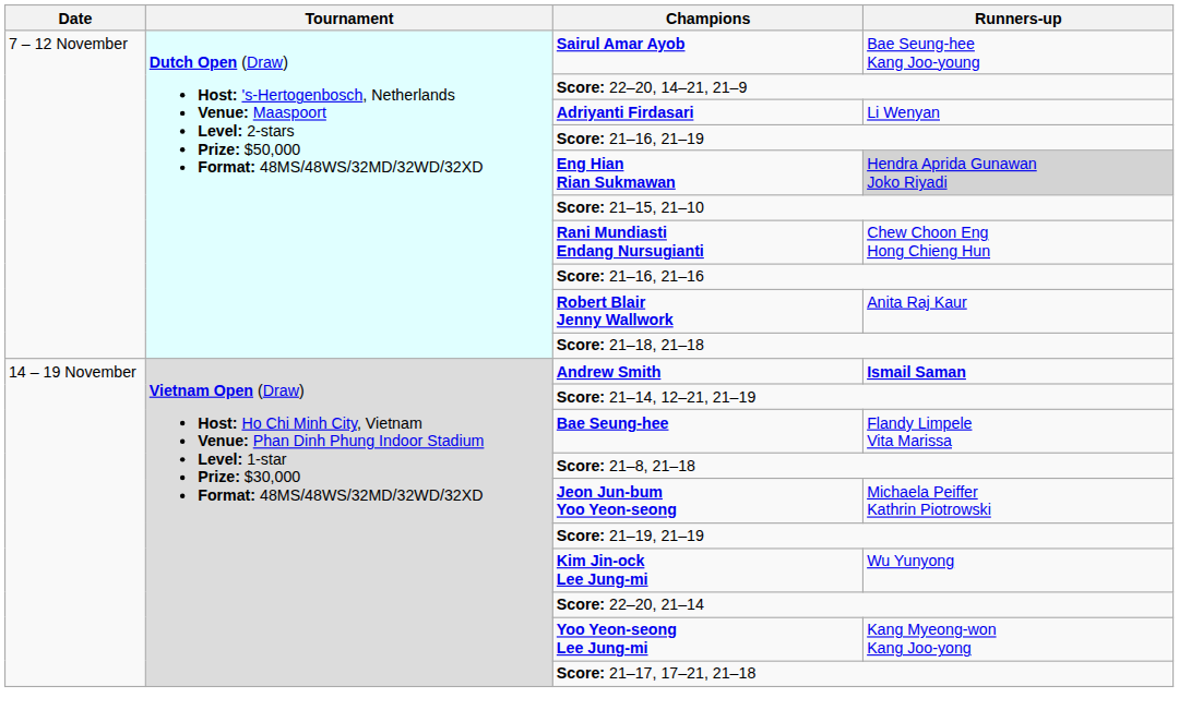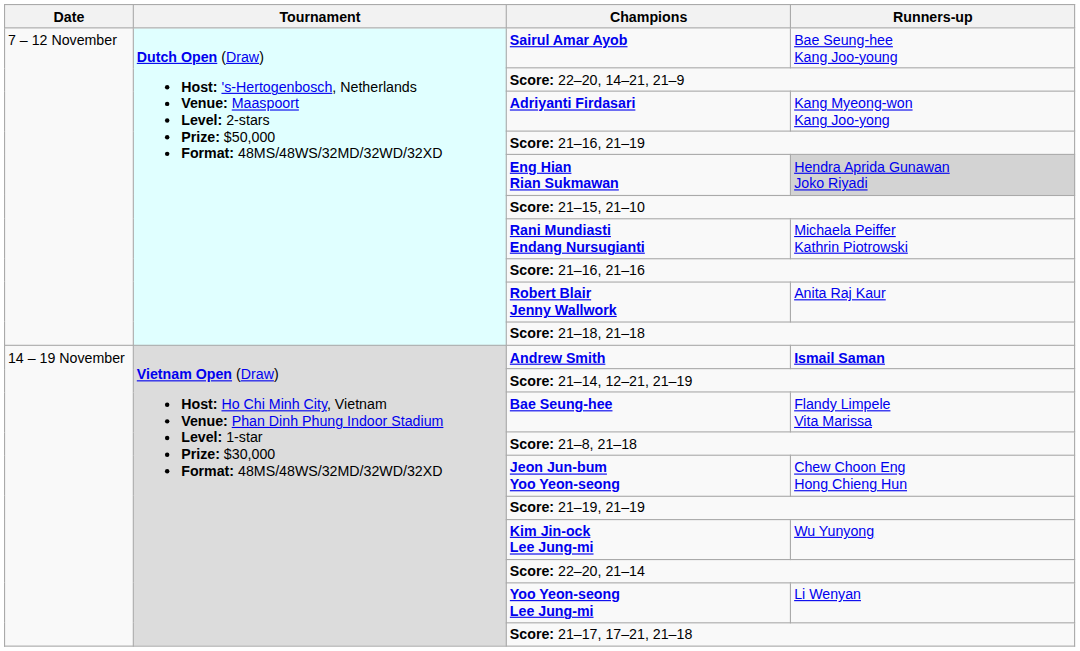 <table class="wikitable" style="font-size:80%">
 <tr>
 <th width="110">Date</th>
 <th width="330">Tournament</th>
 <th width="250">Champions</th>
 <th width="250">Runners-up</th>
 </tr>
 <tr valign=top>
 <td rowspan="10">7 – 12 November</td>
 <td bgcolor="#E0FFFF" rowspan="10"><br><strong><a href='#'>Dutch Open</a></strong> (<a href='#'>Draw</a>)<ul><li><strong>Host:</strong> <a href='#'>'s-Hertogenbosch</a>, Netherlands</li><li><strong>Venue:</strong> <a href='#'>Maaspoort</a></li><li><strong>Level:</strong> 2-stars</li><li><strong>Prize:</strong> $50,000</li><li><strong>Format:</strong> 48MS/48WS/32MD/32WD/32XD</li></ul></td>
 <td><strong> <a href='#'>Sairul Amar Ayob</a></strong></td>
 <td> <a href='#'>Bae Seung-hee</a><br> <a href='#'>Kang Joo-young</a></td>
 </tr>
 <tr>
 <td colspan="2"><strong>Score:</strong> 22–20, 14–21, 21–9</td>
 </tr>
 <tr valign="top">
 <td><strong> <a href='#'>Adriyanti Firdasari</a></strong></td>
-<td> <a href='#'>Li Wenyan</a></td>
+<td> <a href='#'>Kang Myeong-won</a><br> <a href='#'>Kang Joo-yong</a></td>
 </tr>
 <tr>
 <td colspan="2"><strong>Score:</strong> 21–16, 21–19</td>
 </tr>
 <tr valign="top">
 <td><strong> <a href='#'>Eng Hian</a><br> <a href='#'>Rian Sukmawan</a></strong></td>
 <td style="background: lightgrey;"> <a href='#'>Hendra Aprida Gunawan</a><br> <a href='#'>Joko Riyadi</a></td>
 </tr>
 <tr>
 <td colspan="2"><strong>Score:</strong> 21–15, 21–10</td>
 </tr>
 <tr valign="top">
 <td><strong> <a href='#'>Rani Mundiasti</a><br> <a href='#'>Endang Nursugianti</a></strong></td>
-<td> <a href='#'>Chew Choon Eng</a><br> <a href='#'>Hong Chieng Hun</a></td>
+<td> <a href='#'>Michaela Peiffer</a><br> <a href='#'>Kathrin Piotrowski</a></td>
 </tr>
 <tr>
 <td colspan="2"><strong>Score:</strong> 21–16, 21–16</td>
 </tr>
 <tr valign="top">
 <td><strong> <a href='#'>Robert Blair</a><br> <a href='#'>Jenny Wallwork</a></strong></td>
 <td> <a href='#'>Anita Raj Kaur</a></td>
 </tr>
 <tr>
 <td colspan="2"><strong>Score:</strong> 21–18, 21–18</td>
 </tr>
 <tr valign=top>
 <td rowspan="10">14 – 19 November</td>
 <td bgcolor="#DCDCDC" rowspan="10"><br><strong><a href='#'>Vietnam Open</a></strong> (<a href='#'>Draw</a>)<ul><li><strong>Host:</strong> <a href='#'>Ho Chi Minh City</a>, Vietnam</li><li><strong>Venue:</strong> <a href='#'>Phan Dinh Phung Indoor Stadium</a></li><li><strong>Level:</strong> 1-star</li><li><strong>Prize:</strong> $30,000</li><li><strong>Format:</strong> 48MS/48WS/32MD/32WD/32XD</li></ul></td>
 <td><strong> <a href='#'>Andrew Smith</a></strong></td>
 <td><strong> <a href='#'>Ismail Saman</a></strong></td>
 </tr>
 <tr>
 <td colspan="2"><strong>Score:</strong> 21–14, 12–21, 21–19</td>
 </tr>
 <tr valign="top">
 <td><strong> <a href='#'>Bae Seung-hee</a></strong></td>
 <td> <a href='#'>Flandy Limpele</a><br> <a href='#'>Vita Marissa</a></td>
 </tr>
 <tr>
 <td colspan="2"><strong>Score:</strong> 21–8, 21–18</td>
 </tr>
 <tr valign="top">
 <td><strong> <a href='#'>Jeon Jun-bum</a><br> <a href='#'>Yoo Yeon-seong</a></strong></td>
-<td> <a href='#'>Michaela Peiffer</a><br> <a href='#'>Kathrin Piotrowski</a></td>
+<td> <a href='#'>Chew Choon Eng</a><br> <a href='#'>Hong Chieng Hun</a></td>
 </tr>
 <tr>
 <td colspan="2"><strong>Score:</strong> 21–19, 21–19</td>
 </tr>
 <tr valign="top">
 <td><strong> <a href='#'>Kim Jin-ock</a><br> <a href='#'>Lee Jung-mi</a></strong></td>
 <td> <a href='#'>Wu Yunyong</a></td>
 </tr>
 <tr>
 <td colspan="2"><strong>Score:</strong> 22–20, 21–14</td>
 </tr>
 <tr valign="top">
 <td><strong> <a href='#'>Yoo Yeon-seong</a><br> <a href='#'>Lee Jung-mi</a></strong></td>
-<td> <a href='#'>Kang Myeong-won</a><br> <a href='#'>Kang Joo-yong</a></td>
+<td> <a href='#'>Li Wenyan</a></td>
 </tr>
 <tr>
 <td colspan="2"><strong>Score:</strong> 21–17, 17–21, 21–18</td>
 </tr>
 </table>
